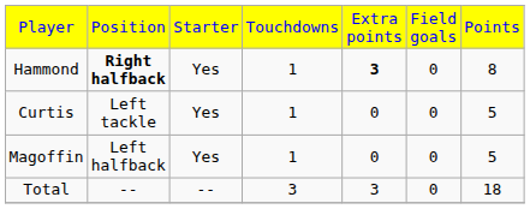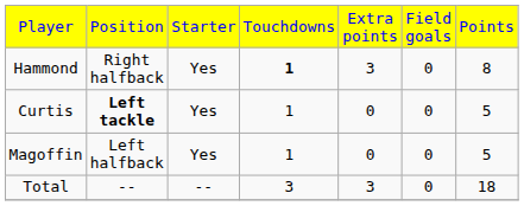 <table class="wikitable" width="70%">
 <tr align="center"  style="background:yellow;color:blue;">
 <td>Player</td>
 <td>Position</td>
 <td>Starter</td>
 <td>Touchdowns</td>
 <td>Extra points</td>
 <td>Field goals</td>
 <td>Points</td>
 </tr>
 <tr align="center" bgcolor="">
 <td>Hammond</td>
-<td><strong>Right halfback</strong></td>
+<td>Right halfback</td>
 <td>Yes</td>
-<td>1</td>
-<td><strong>3</strong></td>
+<td><strong>1</strong></td>
+<td>3</td>
 <td>0</td>
 <td>8</td>
 </tr>
 <tr align="center" bgcolor="">
 <td>Curtis</td>
-<td>Left tackle</td>
+<td><strong>Left tackle</strong></td>
 <td>Yes</td>
 <td>1</td>
 <td>0</td>
 <td>0</td>
 <td>5</td>
 </tr>
 <tr align="center" bgcolor="">
 <td>Magoffin</td>
 <td>Left halfback</td>
 <td>Yes</td>
 <td>1</td>
 <td>0</td>
 <td>0</td>
 <td>5</td>
 </tr>
 <tr align="center" bgcolor="">
 <td>Total</td>
 <td>--</td>
 <td>--</td>
 <td>3</td>
 <td>3</td>
 <td>0</td>
 <td>18</td>
 </tr>
 <tr align="center" bgcolor="">
 </tr>
 </table>
